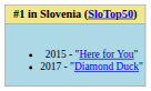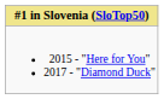 <table class="wikitable floatright" style="text-align: center">
 <tr>
 <th style="background: #F0E68C; font-size: 87%">#1 in Slovenia (<a href='#'>SloTop50</a>)</th>
 </tr>
 <tr>
-<td style="background: lightblue; font-size: 80%"><br><ul><li>2015 - "<a href='#'>Here for You</a>"</li><li>2017 - "<a href='#'>Diamond Duck</a>"</li></ul></td>
+<td style="font-size: 80%"><br><ul><li>2015 - "<a href='#'>Here for You</a>"</li><li>2017 - "<a href='#'>Diamond Duck</a>"</li></ul></td>
 </tr>
 </table>
